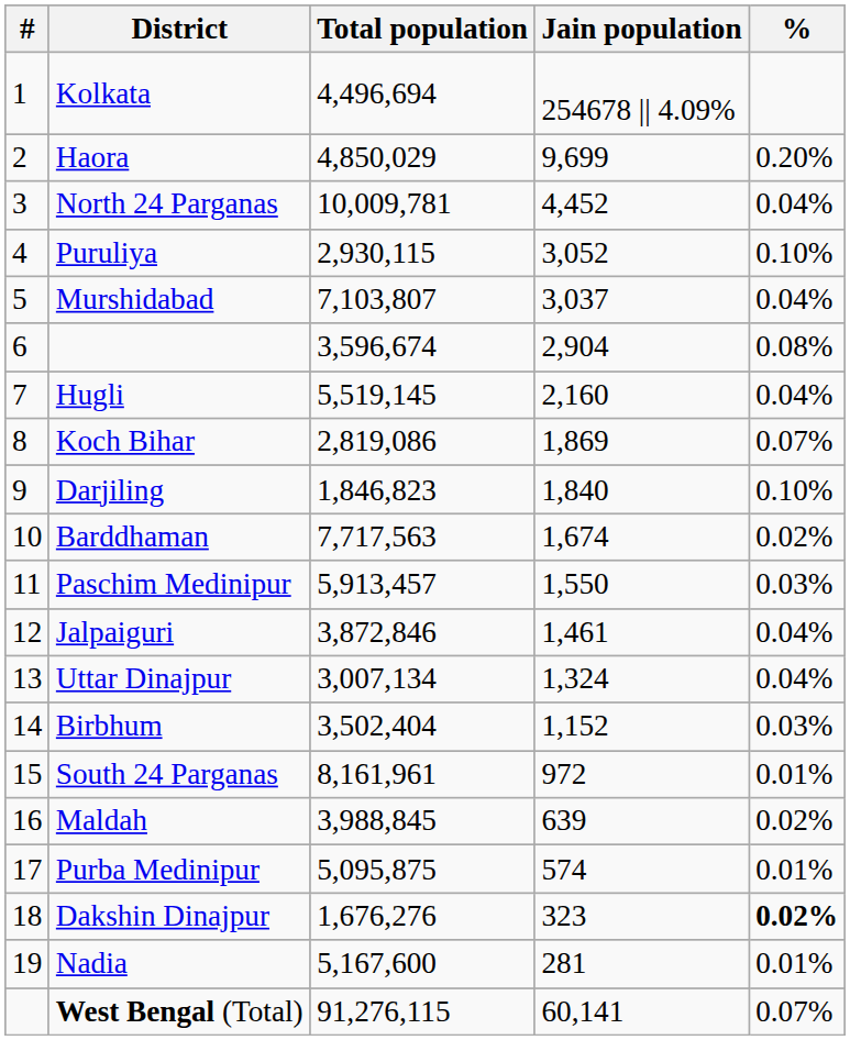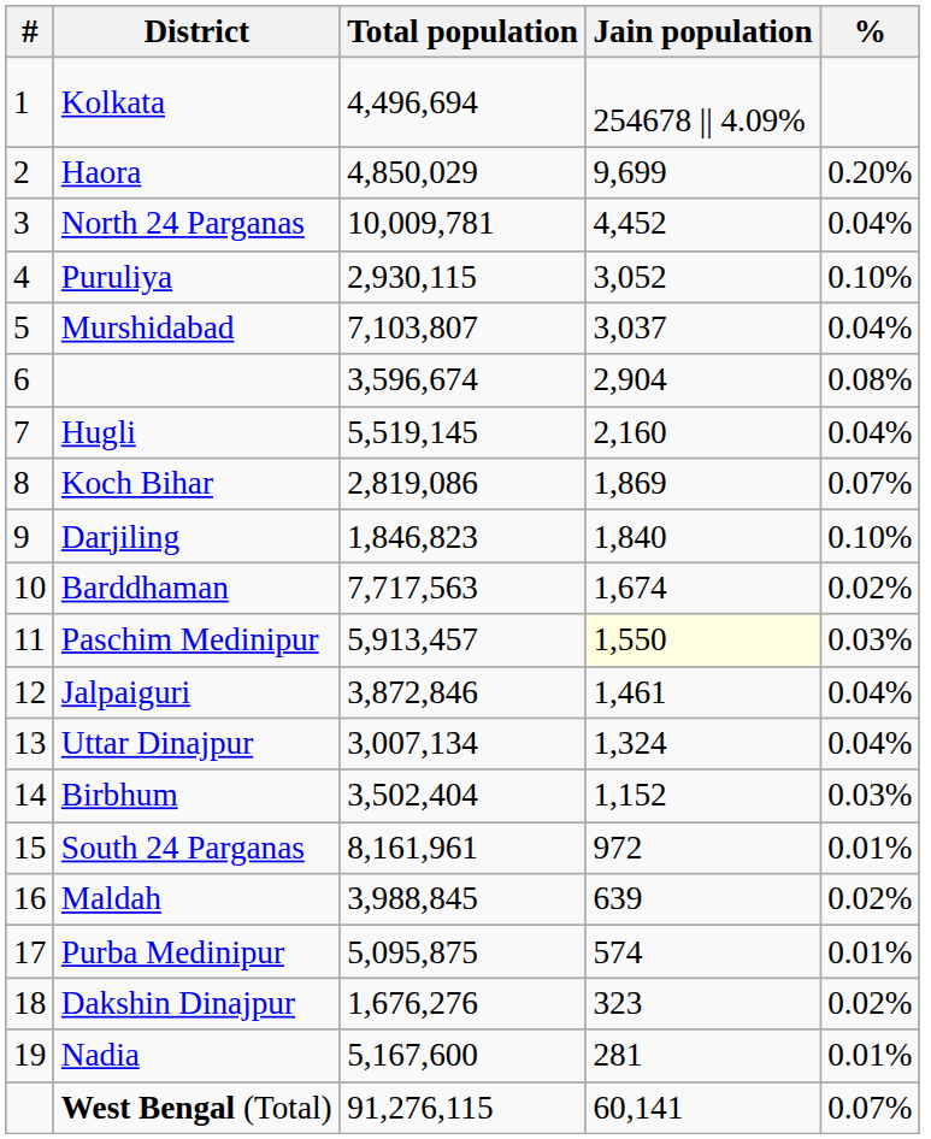 <table class="wikitable sortable">
 <tr>
 <th>#</th>
 <th>District</th>
 <th>Total population</th>
 <th>Jain population</th>
 <th>%</th>
 </tr>
 <tr>
 <td>1</td>
 <td><a href='#'>Kolkata</a></td>
 <td>4,496,694</td>
 <td><br>254678 || 4.09%</td>
 </tr>
 <tr>
 <td>2</td>
 <td><a href='#'>Haora</a></td>
 <td>4,850,029</td>
 <td>9,699</td>
 <td>0.20%</td>
 </tr>
 <tr>
 <td>3</td>
 <td><a href='#'>North 24 Parganas</a></td>
 <td>10,009,781</td>
 <td>4,452</td>
 <td>0.04%</td>
 </tr>
 <tr>
 <td>4</td>
 <td><a href='#'>Puruliya</a></td>
 <td>2,930,115</td>
 <td>3,052</td>
 <td>0.10%</td>
 </tr>
 <tr>
 <td>5</td>
 <td><a href='#'>Murshidabad</a></td>
 <td>7,103,807</td>
 <td>3,037</td>
 <td>0.04%</td>
 </tr>
 <tr>
 <td>6</td>
 <td></td>
 <td>3,596,674</td>
 <td>2,904</td>
 <td>0.08%</td>
 </tr>
 <tr>
 <td>7</td>
 <td><a href='#'>Hugli</a></td>
 <td>5,519,145</td>
 <td>2,160</td>
 <td>0.04%</td>
 </tr>
 <tr>
 <td>8</td>
 <td><a href='#'>Koch Bihar</a></td>
 <td>2,819,086</td>
 <td>1,869</td>
 <td>0.07%</td>
 </tr>
 <tr>
 <td>9</td>
 <td><a href='#'>Darjiling</a></td>
 <td>1,846,823</td>
 <td>1,840</td>
 <td>0.10%</td>
 </tr>
 <tr>
 <td>10</td>
 <td><a href='#'>Barddhaman</a></td>
 <td>7,717,563</td>
 <td>1,674</td>
 <td>0.02%</td>
 </tr>
 <tr>
 <td>11</td>
 <td><a href='#'>Paschim Medinipur</a></td>
 <td>5,913,457</td>
-<td>1,550</td>
+<td style="background: lightyellow;">1,550</td>
 <td>0.03%</td>
 </tr>
 <tr>
 <td>12</td>
 <td><a href='#'>Jalpaiguri</a></td>
 <td>3,872,846</td>
 <td>1,461</td>
 <td>0.04%</td>
 </tr>
 <tr>
 <td>13</td>
 <td><a href='#'>Uttar Dinajpur</a></td>
 <td>3,007,134</td>
 <td>1,324</td>
 <td>0.04%</td>
 </tr>
 <tr>
 <td>14</td>
 <td><a href='#'>Birbhum</a></td>
 <td>3,502,404</td>
 <td>1,152</td>
 <td>0.03%</td>
 </tr>
 <tr>
 <td>15</td>
 <td><a href='#'>South 24 Parganas</a></td>
 <td>8,161,961</td>
 <td>972</td>
 <td>0.01%</td>
 </tr>
 <tr>
 <td>16</td>
 <td><a href='#'>Maldah</a></td>
 <td>3,988,845</td>
 <td>639</td>
 <td>0.02%</td>
 </tr>
 <tr>
 <td>17</td>
 <td><a href='#'>Purba Medinipur</a></td>
 <td>5,095,875</td>
 <td>574</td>
 <td>0.01%</td>
 </tr>
 <tr>
 <td>18</td>
 <td><a href='#'>Dakshin Dinajpur</a></td>
 <td>1,676,276</td>
 <td>323</td>
-<td><strong>0.02%</strong></td>
+<td>0.02%</td>
 </tr>
 <tr>
 <td>19</td>
 <td><a href='#'>Nadia</a></td>
 <td>5,167,600</td>
 <td>281</td>
 <td>0.01%</td>
 </tr>
 <tr>
 <td></td>
 <td><strong>West Bengal</strong> (Total)</td>
 <td>91,276,115</td>
 <td>60,141</td>
 <td>0.07%</td>
 </tr>
 </table>
